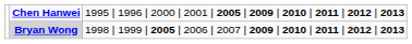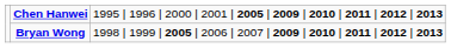 <table class="wikitable" style="text-align:center">
 <tr>
 <td rowspan=2><div></div></td>
 <td><strong><a href='#'>Chen Hanwei</a></strong></td>
 <td>1995 | 1996 | 2000 | 2001 | <strong>2005</strong> | <strong>2009</strong> | <strong>2010</strong> | <strong>2011</strong> | <strong>2012</strong> | <strong>2013</strong></td>
 </tr>
 <tr>
-<td style="background: lightgrey;"><strong><a href='#'>Bryan Wong</a></strong></td>
+<td><strong><a href='#'>Bryan Wong</a></strong></td>
 <td>1998 | 1999 | <strong>2005</strong> | 2006 | 2007 | <strong>2009</strong> | <strong>2010</strong> | <strong>2011</strong> | <strong>2012</strong> | <strong>2013</strong></td>
 </tr>
 </table>
